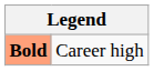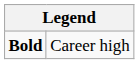 <table class="wikitable mw-collapse">
 <tr>
 <th colspan="2">Legend</th>
 </tr>
 <tr>
-<td style="background: lightsalmon;"><strong>Bold</strong></td>
+<td><strong>Bold</strong></td>
 <td>Career high</td>
 </tr>
 </table>
